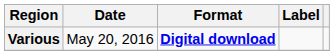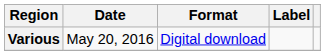 <table class="wikitable plainrowheaders">
 <tr>
 <th scope="col">Region</th>
 <th scope="col">Date</th>
 <th scope="col">Format</th>
 <th scope="col">Label</th>
 <th scope="col"></th>
 </tr>
 <tr>
 <th scope="row">Various</th>
 <td>May 20, 2016</td>
-<td><strong><a href='#'>Digital download</a></strong></td>
+<td><a href='#'>Digital download</a></td>
 <td></td>
 <td align="center"></td>
 </tr>
 <tr>
 </tr>
 </table>
